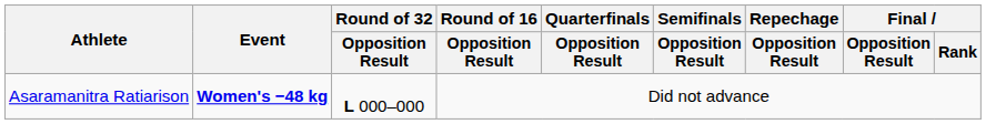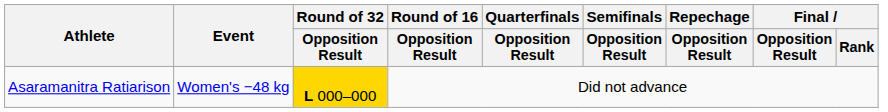 <table class="wikitable" style="font-size:90%">
 <tr>
 <th rowspan="2">Athlete</th>
 <th rowspan="2">Event</th>
 <th>Round of 32</th>
 <th>Round of 16</th>
 <th>Quarterfinals</th>
 <th>Semifinals</th>
 <th>Repechage</th>
 <th colspan=2>Final / </th>
 </tr>
 <tr style="font-size:95%">
 <th>Opposition<br>Result</th>
 <th>Opposition<br>Result</th>
 <th>Opposition<br>Result</th>
 <th>Opposition<br>Result</th>
 <th>Opposition<br>Result</th>
 <th>Opposition<br>Result</th>
 <th>Rank</th>
 </tr>
 <tr align=center>
 <td align=left><a href='#'>Asaramanitra Ratiarison</a></td>
-<td align=left><strong><a href='#'>Women's −48 kg</a></strong></td>
-<td><br><strong>L</strong> 000–000 </td>
+<td align=left><a href='#'>Women's −48 kg</a></td>
+<td style="background: gold;"><br><strong>L</strong> 000–000 </td>
 <td colspan=6>Did not advance</td>
 </tr>
 </table>
